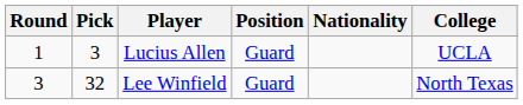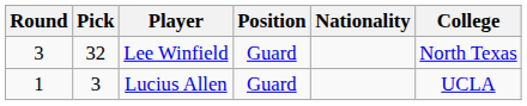 <table class="wikitable sortable sortable">
 <tr>
 <th>Round</th>
 <th>Pick</th>
 <th>Player</th>
 <th>Position</th>
 <th>Nationality</th>
 <th>College</th>
 </tr>
 <tr style="text-align: center">
+<td>3</td>
+<td>32</td>
+<td><a href='#'>Lee Winfield</a></td>
+<td><a href='#'>Guard</a></td>
+<td></td>
+<td><a href='#'>North Texas</a></td>
+</tr>
+<tr style="text-align: center">
 <td>1</td>
 <td>3</td>
 <td><a href='#'>Lucius Allen</a></td>
 <td><a href='#'>Guard</a></td>
 <td></td>
 <td><a href='#'>UCLA</a></td>
 </tr>
-<tr style="text-align: center">
-<td>3</td>
-<td>32</td>
-<td><a href='#'>Lee Winfield</a></td>
-<td><a href='#'>Guard</a></td>
-<td></td>
-<td><a href='#'>North Texas</a></td>
-</tr>
 </table>
